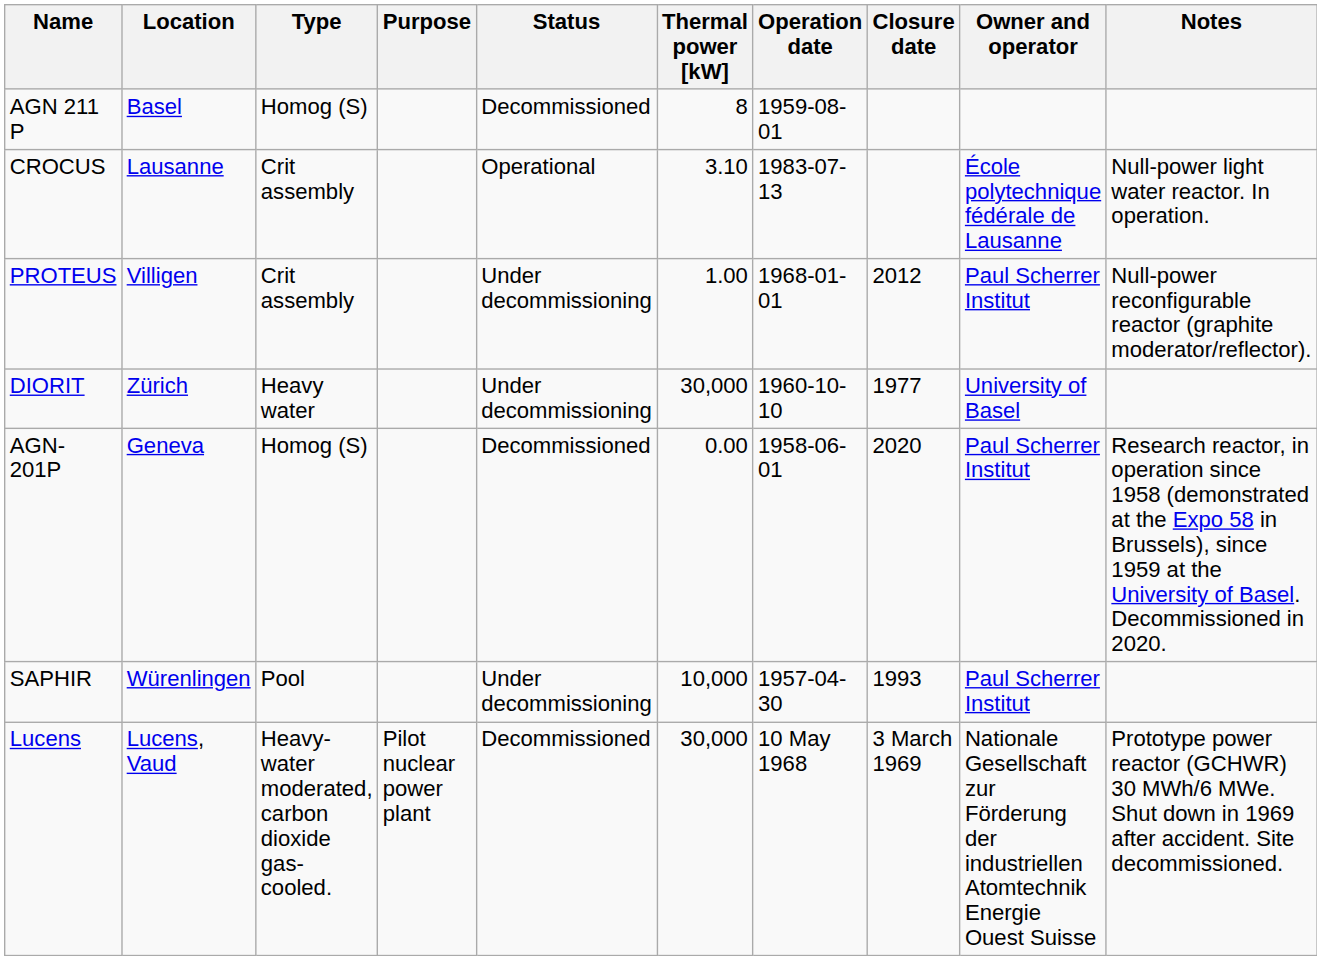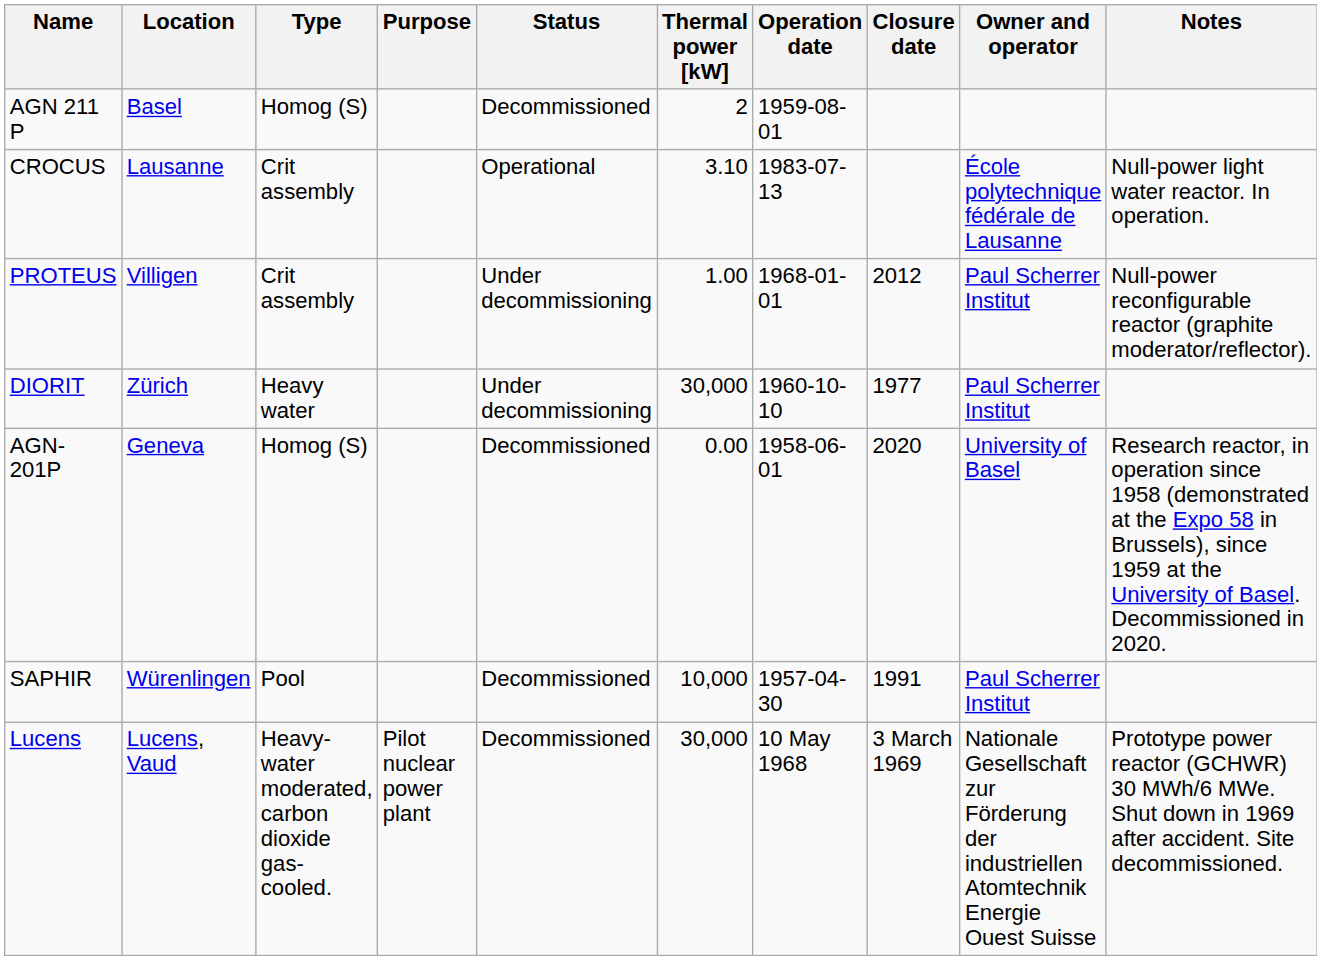 <table class="wikitable" >
 <tr valign="top">
 <th width="80">Name</th>
 <th width="65">Location</th>
 <th width="76">Type</th>
 <th width="65">Purpose</th>
 <th width="91">Status</th>
 <th width="70“">Thermal power [kW]</th>
 <th width=„67“>Operation date</th>
 <th width="78“">Closure date</th>
 <th width="113“">Owner and operator</th>
 <th width="65">Notes</th>
 </tr>
 <tr valign="top">
 <td>AGN 211 P</td>
 <td><a href='#'>Basel</a></td>
 <td>Homog (S)</td>
 <td></td>
 <td>Decommissioned</td>
-<td align="right">8</td>
+<td align="right">2</td>
 <td>1959-08-01</td>
 <td></td>
 <td></td>
 <td></td>
 </tr>
 <tr valign="top">
 <td>CROCUS</td>
 <td><a href='#'>Lausanne</a></td>
 <td>Crit assembly</td>
 <td></td>
 <td>Operational</td>
 <td align="right">3.10</td>
 <td>1983-07-13</td>
 <td></td>
 <td><a href='#'>École polytechnique fédérale de Lausanne</a></td>
 <td>Null-power light water reactor. In operation.</td>
 </tr>
 <tr valign="top">
 <td><a href='#'>PROTEUS</a></td>
 <td><a href='#'>Villigen</a></td>
 <td>Crit assembly</td>
 <td></td>
 <td>Under decommissioning</td>
 <td align="right">1.00</td>
 <td>1968-01-01</td>
 <td>2012</td>
 <td><a href='#'>Paul Scherrer Institut</a></td>
 <td>Null-power reconfigurable reactor (graphite moderator/reflector).</td>
 </tr>
 <tr valign="top">
 <td><a href='#'>DIORIT</a></td>
 <td><a href='#'>Zürich</a></td>
 <td>Heavy water</td>
 <td></td>
 <td>Under decommissioning</td>
 <td align="right">30,000</td>
 <td>1960-10-10</td>
 <td>1977</td>
-<td><a href='#'>University of Basel</a></td>
+<td><a href='#'>Paul Scherrer Institut</a></td>
 <td></td>
 </tr>
 <tr valign="top">
 <td>AGN-201P</td>
 <td><a href='#'>Geneva</a></td>
 <td>Homog (S)</td>
 <td></td>
 <td>Decommissioned</td>
 <td align="right">0.00</td>
 <td>1958-06-01</td>
 <td>2020</td>
-<td><a href='#'>Paul Scherrer Institut</a></td>
+<td><a href='#'>University of Basel</a></td>
 <td>Research reactor, in operation since 1958 (demonstrated at the <a href='#'>Expo 58</a> in Brussels), since 1959 at the <a href='#'>University of Basel</a>. Decommissioned in 2020.</td>
 </tr>
 <tr valign="top">
 <td>SAPHIR</td>
 <td><a href='#'>Würenlingen</a></td>
 <td>Pool</td>
 <td></td>
-<td>Under decommissioning</td>
+<td>Decommissioned</td>
 <td align="right">10,000</td>
 <td>1957-04-30</td>
-<td>1993</td>
+<td>1991</td>
 <td><a href='#'>Paul Scherrer Institut</a></td>
 <td><br></td>
 </tr>
 <tr valign="top">
 <td> <a href='#'>Lucens</a></td>
 <td> <a href='#'>Lucens</a>, <a href='#'>Vaud</a></td>
 <td> Heavy-water moderated, carbon dioxide gas-cooled.</td>
 <td> Pilot nuclear power plant</td>
 <td> Decommissioned</td>
 <td align="right"> 30,000</td>
 <td> 10 May 1968</td>
 <td> 3 March 1969</td>
 <td> Nationale Gesellschaft zur Förderung der industriellen Atomtechnik <br> Energie Ouest Suisse</td>
 <td> Prototype power reactor (GCHWR) 30 MWh/6 MWe. Shut down in 1969 after accident. Site decommissioned.</td>
 </tr>
 </table>
